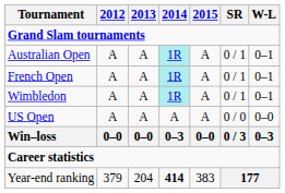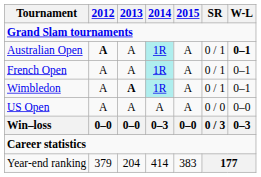 <table class=wikitable style=text-align:center;font-size:97%>
 <tr>
 <th>Tournament</th>
 <th><a href='#'>2012</a></th>
 <th><a href='#'>2013</a></th>
 <th><a href='#'>2014</a></th>
 <th><a href='#'>2015</a></th>
 <th>SR</th>
 <th>W-L</th>
 </tr>
 <tr>
 <td colspan=10 align=left><strong><a href='#'>Grand Slam tournaments</a></strong></td>
 </tr>
 <tr>
 <td align=left><a href='#'>Australian Open</a></td>
-<td>A</td>
+<td><strong>A</strong></td>
 <td>A</td>
 <td bgcolor=afeeee><a href='#'>1R</a></td>
 <td>A</td>
 <td>0 / 1</td>
-<td>0–1</td>
+<td><strong>0–1</strong></td>
 </tr>
 <tr>
 <td align=left><a href='#'>French Open</a></td>
 <td>A</td>
 <td>A</td>
 <td bgcolor=afeeee><a href='#'>1R</a></td>
 <td>A</td>
 <td>0 / 1</td>
 <td>0–1</td>
 </tr>
 <tr>
 <td align=left><a href='#'>Wimbledon</a></td>
 <td>A</td>
-<td>A</td>
+<td><strong>A</strong></td>
 <td bgcolor=afeeee><a href='#'>1R</a></td>
 <td>A</td>
 <td>0 / 1</td>
 <td>0–1</td>
 </tr>
 <tr>
 <td align=left><a href='#'>US Open</a></td>
 <td>A</td>
 <td>A</td>
 <td>A</td>
 <td>A</td>
 <td>0 / 0</td>
 <td>0–0</td>
 </tr>
 <tr>
 <th style=text-align:left>Win–loss</th>
 <th>0–0</th>
 <th>0–0</th>
 <th>0–3</th>
 <th>0–0</th>
 <th>0 / 3</th>
 <th>0–3</th>
 </tr>
 <tr>
 <td colspan=10 align=left><strong>Career statistics</strong></td>
 </tr>
 <tr>
 <td align=left>Year-end ranking</td>
 <td>379</td>
 <td>204</td>
-<td><strong>414</strong></td>
+<td>414</td>
 <td>383</td>
 <th colspan=2 align=left><strong>177</strong></th>
 </tr>
 </table>
